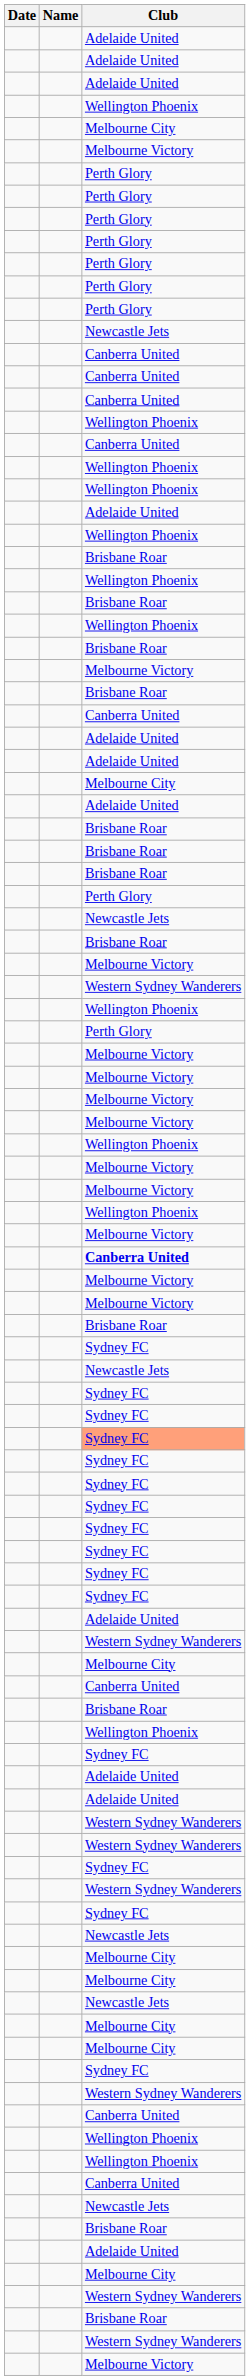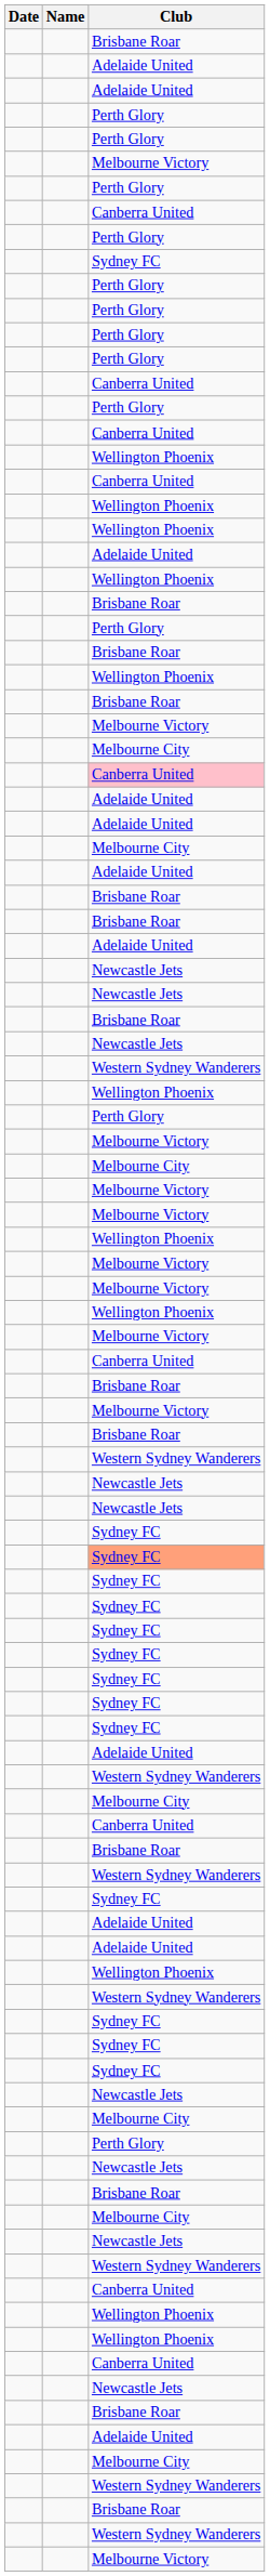 <table class="wikitable sortable">
 <tr>
 <th>Date</th>
 <th>Name</th>
 <th>Club</th>
+</tr>
+<tr>
+<td></td>
+<td></td>
+<td><a href='#'>Brisbane Roar</a></td>
 </tr>
 <tr>
 <td></td>
 <td></td>
 <td><a href='#'>Adelaide United</a></td>
 </tr>
 <tr>
 <td></td>
 <td></td>
 <td><a href='#'>Adelaide United</a></td>
 </tr>
 <tr>
 <td></td>
 <td></td>
-<td><a href='#'>Adelaide United</a></td>
+<td><a href='#'>Perth Glory</a></td>
 </tr>
 <tr>
 <td></td>
 <td></td>
-<td><a href='#'>Wellington Phoenix</a></td>
-</tr>
-<tr>
-<td></td>
-<td></td>
-<td><a href='#'>Melbourne City</a></td>
+<td><a href='#'>Perth Glory</a></td>
 </tr>
 <tr>
 <td></td>
 <td></td>
 <td><a href='#'>Melbourne Victory</a></td>
+</tr>
+<tr>
+<td></td>
+<td></td>
+<td><a href='#'>Perth Glory</a></td>
+</tr>
+<tr>
+<td></td>
+<td></td>
+<td><a href='#'>Canberra United</a></td>
+</tr>
+<tr>
+<td></td>
+<td></td>
+<td><a href='#'>Perth Glory</a></td>
+</tr>
+<tr>
+<td></td>
+<td></td>
+<td><a href='#'>Sydney FC</a></td>
 </tr>
 <tr>
 <td></td>
 <td></td>
 <td><a href='#'>Perth Glory</a></td>
 </tr>
 <tr>
 <td></td>
 <td></td>
 <td><a href='#'>Perth Glory</a></td>
 </tr>
 <tr>
 <td></td>
 <td></td>
 <td><a href='#'>Perth Glory</a></td>
 </tr>
 <tr>
 <td></td>
 <td></td>
 <td><a href='#'>Perth Glory</a></td>
 </tr>
 <tr>
 <td></td>
 <td></td>
-<td><a href='#'>Perth Glory</a></td>
+<td><a href='#'>Canberra United</a></td>
 </tr>
 <tr>
 <td></td>
 <td></td>
 <td><a href='#'>Perth Glory</a></td>
-</tr>
-<tr>
-<td></td>
-<td></td>
-<td><a href='#'>Perth Glory</a></td>
-</tr>
-<tr>
-<td></td>
-<td></td>
-<td><a href='#'>Newcastle Jets</a></td>
-</tr>
-<tr>
-<td></td>
-<td></td>
-<td><a href='#'>Canberra United</a></td>
-</tr>
-<tr>
-<td></td>
-<td></td>
-<td><a href='#'>Canberra United</a></td>
 </tr>
 <tr>
 <td></td>
 <td></td>
 <td><a href='#'>Canberra United</a></td>
 </tr>
 <tr>
 <td></td>
 <td></td>
 <td><a href='#'>Wellington Phoenix</a></td>
 </tr>
 <tr>
 <td></td>
 <td></td>
 <td><a href='#'>Canberra United</a></td>
 </tr>
 <tr>
 <td></td>
 <td></td>
 <td><a href='#'>Wellington Phoenix</a></td>
 </tr>
 <tr>
 <td></td>
 <td></td>
 <td><a href='#'>Wellington Phoenix</a></td>
 </tr>
 <tr>
 <td></td>
 <td></td>
 <td><a href='#'>Adelaide United</a></td>
 </tr>
 <tr>
 <td></td>
 <td></td>
 <td><a href='#'>Wellington Phoenix</a></td>
 </tr>
 <tr>
 <td></td>
 <td></td>
 <td><a href='#'>Brisbane Roar</a></td>
 </tr>
 <tr>
 <td></td>
 <td></td>
-<td><a href='#'>Wellington Phoenix</a></td>
+<td><a href='#'>Perth Glory</a></td>
 </tr>
 <tr>
 <td></td>
 <td></td>
 <td><a href='#'>Brisbane Roar</a></td>
 </tr>
 <tr>
 <td></td>
 <td></td>
 <td><a href='#'>Wellington Phoenix</a></td>
 </tr>
 <tr>
 <td></td>
 <td></td>
 <td><a href='#'>Brisbane Roar</a></td>
 </tr>
 <tr>
 <td></td>
 <td></td>
 <td><a href='#'>Melbourne Victory</a></td>
 </tr>
 <tr>
 <td></td>
 <td></td>
-<td><a href='#'>Brisbane Roar</a></td>
+<td><a href='#'>Melbourne City</a></td>
 </tr>
 <tr>
 <td></td>
 <td></td>
-<td><a href='#'>Canberra United</a></td>
+<td style="background: pink;"><a href='#'>Canberra United</a></td>
 </tr>
 <tr>
 <td></td>
 <td></td>
 <td><a href='#'>Adelaide United</a></td>
 </tr>
 <tr>
 <td></td>
 <td></td>
 <td><a href='#'>Adelaide United</a></td>
 </tr>
 <tr>
 <td></td>
 <td></td>
 <td><a href='#'>Melbourne City</a></td>
 </tr>
 <tr>
 <td></td>
 <td></td>
 <td><a href='#'>Adelaide United</a></td>
 </tr>
 <tr>
 <td></td>
 <td></td>
 <td><a href='#'>Brisbane Roar</a></td>
 </tr>
 <tr>
 <td></td>
 <td></td>
 <td><a href='#'>Brisbane Roar</a></td>
 </tr>
 <tr>
 <td></td>
 <td></td>
-<td><a href='#'>Brisbane Roar</a></td>
+<td><a href='#'>Adelaide United</a></td>
 </tr>
 <tr>
 <td></td>
 <td></td>
-<td><a href='#'>Perth Glory</a></td>
+<td><a href='#'>Newcastle Jets</a></td>
 </tr>
 <tr>
 <td></td>
 <td></td>
 <td><a href='#'>Newcastle Jets</a></td>
 </tr>
 <tr>
 <td></td>
 <td></td>
 <td><a href='#'>Brisbane Roar</a></td>
 </tr>
 <tr>
 <td></td>
 <td></td>
-<td><a href='#'>Melbourne Victory</a></td>
+<td><a href='#'>Newcastle Jets</a></td>
 </tr>
 <tr>
 <td></td>
 <td></td>
 <td><a href='#'>Western Sydney Wanderers</a></td>
 </tr>
 <tr>
 <td></td>
 <td></td>
 <td><a href='#'>Wellington Phoenix</a></td>
 </tr>
 <tr>
 <td></td>
 <td></td>
 <td><a href='#'>Perth Glory</a></td>
 </tr>
 <tr>
 <td></td>
 <td></td>
 <td><a href='#'>Melbourne Victory</a></td>
 </tr>
 <tr>
 <td></td>
 <td></td>
-<td><a href='#'>Melbourne Victory</a></td>
+<td><a href='#'>Melbourne City</a></td>
 </tr>
 <tr>
 <td></td>
 <td></td>
 <td><a href='#'>Melbourne Victory</a></td>
 </tr>
 <tr>
 <td></td>
 <td></td>
 <td><a href='#'>Melbourne Victory</a></td>
 </tr>
 <tr>
 <td></td>
 <td></td>
 <td><a href='#'>Wellington Phoenix</a></td>
 </tr>
 <tr>
 <td></td>
 <td></td>
 <td><a href='#'>Melbourne Victory</a></td>
 </tr>
 <tr>
 <td></td>
 <td></td>
 <td><a href='#'>Melbourne Victory</a></td>
 </tr>
 <tr>
 <td></td>
 <td></td>
 <td><a href='#'>Wellington Phoenix</a></td>
 </tr>
 <tr>
 <td></td>
 <td></td>
 <td><a href='#'>Melbourne Victory</a></td>
 </tr>
 <tr>
 <td></td>
 <td></td>
-<td><strong><a href='#'>Canberra United</a></strong></td>
+<td><a href='#'>Canberra United</a></td>
 </tr>
 <tr>
 <td></td>
 <td></td>
-<td><a href='#'>Melbourne Victory</a></td>
+<td><a href='#'>Brisbane Roar</a></td>
 </tr>
 <tr>
 <td></td>
 <td></td>
 <td><a href='#'>Melbourne Victory</a></td>
 </tr>
 <tr>
 <td></td>
 <td></td>
 <td><a href='#'>Brisbane Roar</a></td>
 </tr>
 <tr>
 <td></td>
 <td></td>
-<td><a href='#'>Sydney FC</a></td>
+<td><a href='#'>Western Sydney Wanderers</a></td>
 </tr>
 <tr>
 <td></td>
 <td></td>
 <td><a href='#'>Newcastle Jets</a></td>
 </tr>
 <tr>
 <td></td>
 <td></td>
-<td><a href='#'>Sydney FC</a></td>
+<td><a href='#'>Newcastle Jets</a></td>
 </tr>
 <tr>
 <td></td>
 <td></td>
 <td><a href='#'>Sydney FC</a></td>
 </tr>
 <tr>
 <td></td>
 <td></td>
 <td style="background: lightsalmon;"><a href='#'>Sydney FC</a></td>
 </tr>
 <tr>
 <td></td>
 <td></td>
 <td><a href='#'>Sydney FC</a></td>
 </tr>
 <tr>
 <td></td>
 <td></td>
 <td><a href='#'>Sydney FC</a></td>
 </tr>
 <tr>
 <td></td>
 <td></td>
 <td><a href='#'>Sydney FC</a></td>
 </tr>
 <tr>
 <td></td>
 <td></td>
 <td><a href='#'>Sydney FC</a></td>
 </tr>
 <tr>
 <td></td>
 <td></td>
 <td><a href='#'>Sydney FC</a></td>
 </tr>
 <tr>
 <td></td>
 <td></td>
 <td><a href='#'>Sydney FC</a></td>
 </tr>
 <tr>
 <td></td>
 <td></td>
 <td><a href='#'>Sydney FC</a></td>
 </tr>
 <tr>
 <td></td>
 <td></td>
 <td><a href='#'>Adelaide United</a></td>
 </tr>
 <tr>
 <td></td>
 <td></td>
 <td><a href='#'>Western Sydney Wanderers</a></td>
 </tr>
 <tr>
 <td></td>
 <td></td>
 <td><a href='#'>Melbourne City</a></td>
 </tr>
 <tr>
 <td></td>
 <td></td>
 <td><a href='#'>Canberra United</a></td>
 </tr>
 <tr>
 <td></td>
 <td></td>
 <td><a href='#'>Brisbane Roar</a></td>
 </tr>
 <tr>
 <td></td>
 <td></td>
-<td><a href='#'>Wellington Phoenix</a></td>
+<td><a href='#'>Western Sydney Wanderers</a></td>
 </tr>
 <tr>
 <td></td>
 <td></td>
 <td><a href='#'>Sydney FC</a></td>
 </tr>
 <tr>
 <td></td>
 <td></td>
 <td><a href='#'>Adelaide United</a></td>
 </tr>
 <tr>
 <td></td>
 <td></td>
 <td><a href='#'>Adelaide United</a></td>
 </tr>
 <tr>
 <td></td>
 <td></td>
-<td><a href='#'>Western Sydney Wanderers</a></td>
+<td><a href='#'>Wellington Phoenix</a></td>
 </tr>
 <tr>
 <td></td>
 <td></td>
 <td><a href='#'>Western Sydney Wanderers</a></td>
 </tr>
 <tr>
 <td></td>
 <td></td>
 <td><a href='#'>Sydney FC</a></td>
 </tr>
 <tr>
 <td></td>
 <td></td>
-<td><a href='#'>Western Sydney Wanderers</a></td>
+<td><a href='#'>Sydney FC</a></td>
 </tr>
 <tr>
 <td></td>
 <td></td>
 <td><a href='#'>Sydney FC</a></td>
 </tr>
 <tr>
 <td></td>
 <td></td>
 <td><a href='#'>Newcastle Jets</a></td>
 </tr>
 <tr>
 <td></td>
 <td></td>
 <td><a href='#'>Melbourne City</a></td>
 </tr>
 <tr>
 <td></td>
 <td></td>
-<td><a href='#'>Melbourne City</a></td>
+<td><a href='#'>Perth Glory</a></td>
 </tr>
 <tr>
 <td></td>
 <td></td>
 <td><a href='#'>Newcastle Jets</a></td>
 </tr>
 <tr>
 <td></td>
 <td></td>
-<td><a href='#'>Melbourne City</a></td>
+<td><a href='#'>Brisbane Roar</a></td>
 </tr>
 <tr>
 <td></td>
 <td></td>
 <td><a href='#'>Melbourne City</a></td>
 </tr>
 <tr>
 <td></td>
 <td></td>
-<td><a href='#'>Sydney FC</a></td>
+<td><a href='#'>Newcastle Jets</a></td>
 </tr>
 <tr>
 <td></td>
 <td></td>
 <td><a href='#'>Western Sydney Wanderers</a></td>
 </tr>
 <tr>
 <td></td>
 <td></td>
 <td><a href='#'>Canberra United</a></td>
 </tr>
 <tr>
 <td></td>
 <td></td>
 <td><a href='#'>Wellington Phoenix</a></td>
 </tr>
 <tr>
 <td></td>
 <td></td>
 <td><a href='#'>Wellington Phoenix</a></td>
 </tr>
 <tr>
 <td></td>
 <td></td>
 <td><a href='#'>Canberra United</a></td>
 </tr>
 <tr>
 <td></td>
 <td></td>
 <td><a href='#'>Newcastle Jets</a></td>
 </tr>
 <tr>
 <td></td>
 <td></td>
 <td><a href='#'>Brisbane Roar</a></td>
 </tr>
 <tr>
 <td></td>
 <td></td>
 <td><a href='#'>Adelaide United</a></td>
 </tr>
 <tr>
 <td></td>
 <td></td>
 <td><a href='#'>Melbourne City</a></td>
 </tr>
 <tr>
 <td></td>
 <td></td>
 <td><a href='#'>Western Sydney Wanderers</a></td>
 </tr>
 <tr>
 <td></td>
 <td></td>
 <td><a href='#'>Brisbane Roar</a></td>
 </tr>
 <tr>
 <td></td>
 <td></td>
 <td><a href='#'>Western Sydney Wanderers</a></td>
 </tr>
 <tr>
 <td></td>
 <td></td>
 <td><a href='#'>Melbourne Victory</a></td>
 </tr>
 </table>
